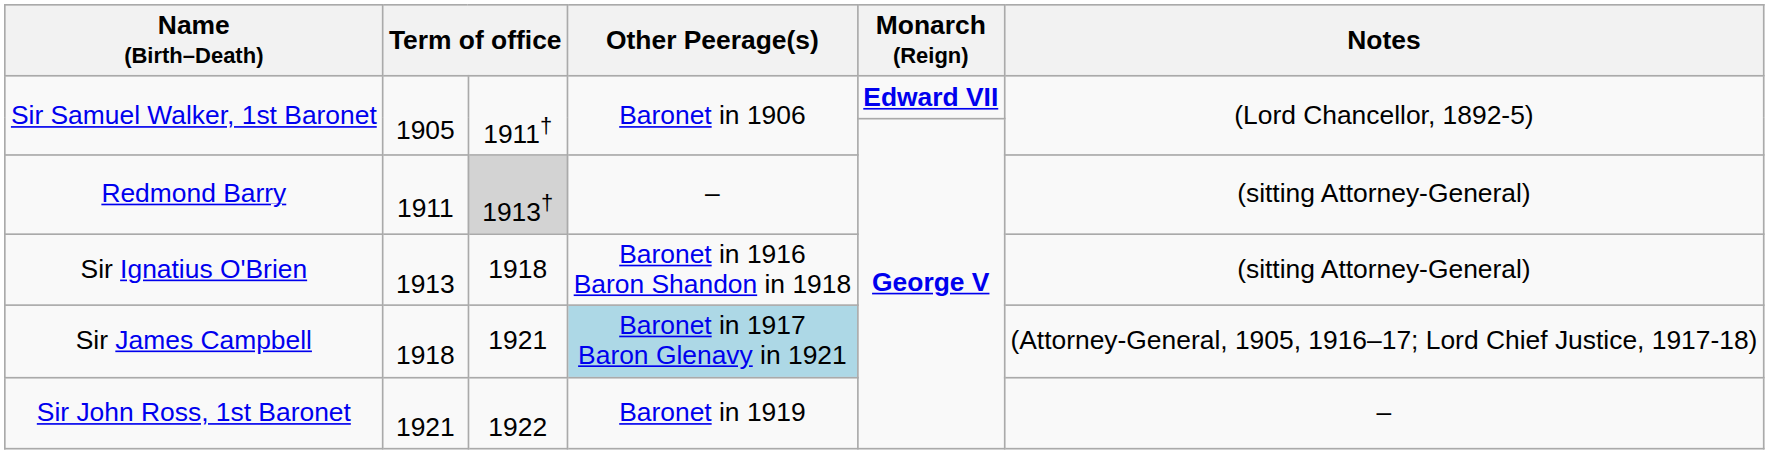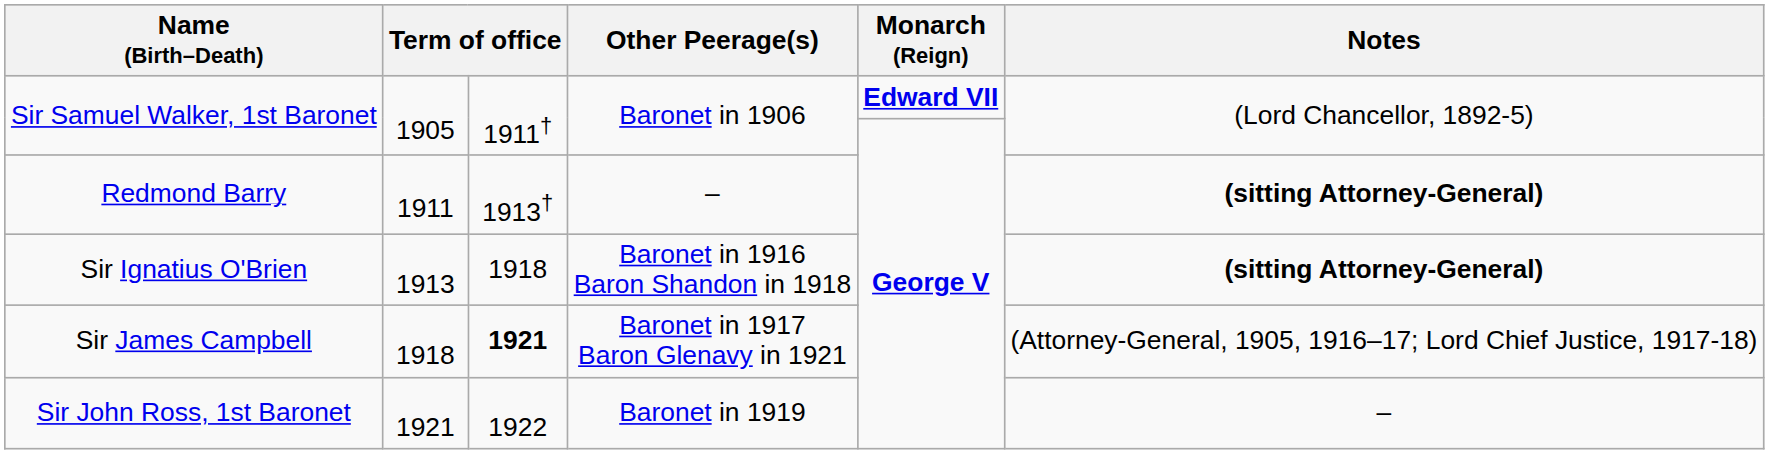 <table class="wikitable" style="text-align:Center; white-space: nowrap;">
 <tr>
 <th>Name<br><small>(Birth–Death)</small></th>
 <th colspan=2>Term of office</th>
 <th>Other Peerage(s)</th>
 <th>Monarch<br><small>(Reign)</small></th>
 <th>Notes</th>
 </tr>
 <tr>
 <td rowspan=2><a href='#'>Sir Samuel Walker, 1st Baronet</a><br></td>
 <td rowspan=2><br>1905</td>
 <td rowspan=2><br>1911<sup>†</sup></td>
 <td rowspan=2><a href='#'>Baronet</a> in 1906</td>
 <td><strong><a href='#'>Edward VII</a></strong></td>
 <td rowspan=2>(Lord Chancellor, 1892-5)</td>
 </tr>
 <tr>
 <td rowspan=5><strong><a href='#'>George V</a></strong></td>
 </tr>
 <tr>
 <td><a href='#'>Redmond Barry</a><br></td>
 <td><br>1911</td>
-<td style="background: lightgrey;"><br>1913<sup>†</sup></td>
+<td><br>1913<sup>†</sup></td>
 <td>–</td>
-<td>(sitting Attorney-General)</td>
+<td><strong>(sitting Attorney-General)</strong></td>
 </tr>
 <tr>
 <td>Sir <a href='#'>Ignatius O'Brien</a><br></td>
 <td><br>1913</td>
 <td>1918</td>
 <td><a href='#'>Baronet</a> in 1916<br><a href='#'>Baron Shandon</a> in 1918</td>
-<td>(sitting Attorney-General)</td>
+<td><strong>(sitting Attorney-General)</strong></td>
 </tr>
 <tr>
 <td>Sir <a href='#'>James Campbell</a><br></td>
 <td><br>1918</td>
-<td>1921</td>
-<td style="background: lightblue;"><a href='#'>Baronet</a> in 1917<br><a href='#'>Baron Glenavy</a> in 1921</td>
+<td><strong>1921</strong></td>
+<td><a href='#'>Baronet</a> in 1917<br><a href='#'>Baron Glenavy</a> in 1921</td>
 <td>(Attorney-General, 1905, 1916–17; Lord Chief Justice, 1917-18)</td>
 </tr>
 <tr>
 <td><a href='#'>Sir John Ross, 1st Baronet</a><br></td>
 <td><br>1921</td>
 <td><br>1922</td>
 <td><a href='#'>Baronet</a> in 1919</td>
 <td>–</td>
 </tr>
 </table>
